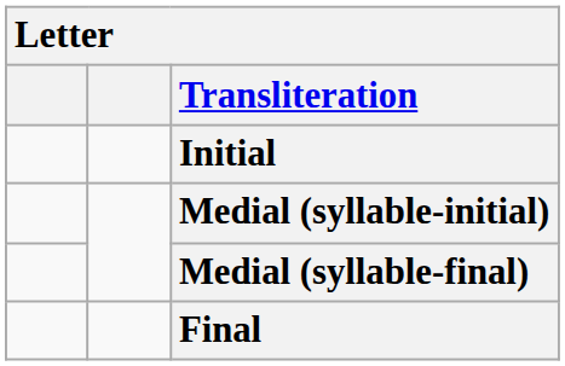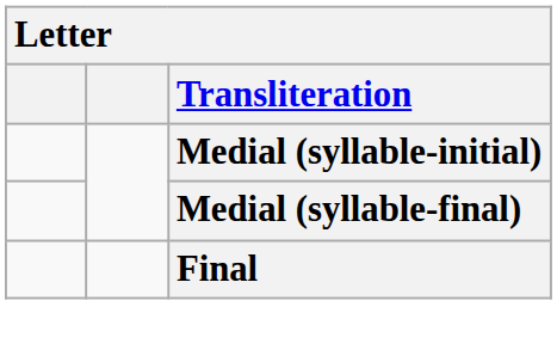 <table class="wikitable" style="text-align: center; display: inline-table;">
 <tr>
 <th colspan="3" style="text-align: left">Letter</th>
 </tr>
 <tr>
 <th style="min-width: 1.75em"></th>
 <th style="min-width: 1.75em"></th>
 <th style="text-align: left"><a href='#'>Transliteration</a></th>
-</tr>
-<tr>
-<td></td>
-<td></td>
-<th style="text-align: left">Initial</th>
 </tr>
 <tr>
 <td> </td>
 <td rowspan="2"> </td>
 <th style="text-align: left">Medial (syllable-initial)</th>
 </tr>
 <tr>
 <td> </td>
 <th style="text-align: left">Medial (syllable-final)</th>
 </tr>
 <tr>
 <td></td>
 <td> </td>
 <th style="text-align: left">Final</th>
 </tr>
 </table>
